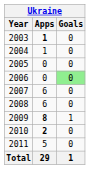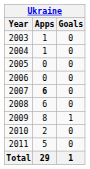 <table class="wikitable" style="text-align:center">
 <tr>
 <th colspan=3><a href='#'>Ukraine</a></th>
 </tr>
 <tr>
 <th>Year</th>
 <th>Apps</th>
 <th>Goals</th>
 </tr>
 <tr>
 <td>2003</td>
-<td><strong>1</strong></td>
+<td>1</td>
 <td>0</td>
 </tr>
 <tr>
 <td>2004</td>
 <td>1</td>
 <td>0</td>
 </tr>
 <tr>
 <td>2005</td>
 <td>0</td>
 <td>0</td>
 </tr>
 <tr>
 <td>2006</td>
 <td>0</td>
-<td style="background: lightgreen;">0</td>
+<td>0</td>
 </tr>
 <tr>
 <td>2007</td>
-<td>6</td>
+<td><strong>6</strong></td>
 <td>0</td>
 </tr>
 <tr>
 <td>2008</td>
 <td>6</td>
 <td>0</td>
 </tr>
 <tr>
 <td>2009</td>
-<td><strong>8</strong></td>
+<td>8</td>
 <td>1</td>
 </tr>
 <tr>
 <td>2010</td>
-<td><strong>2</strong></td>
+<td>2</td>
 <td>0</td>
 </tr>
 <tr>
 <td>2011</td>
 <td>5</td>
 <td>0</td>
 </tr>
 <tr>
 <th>Total</th>
 <th>29</th>
 <th>1</th>
 </tr>
 </table>
